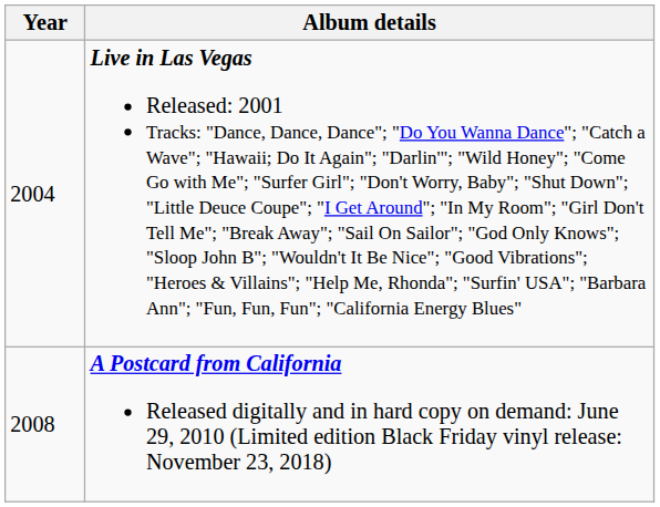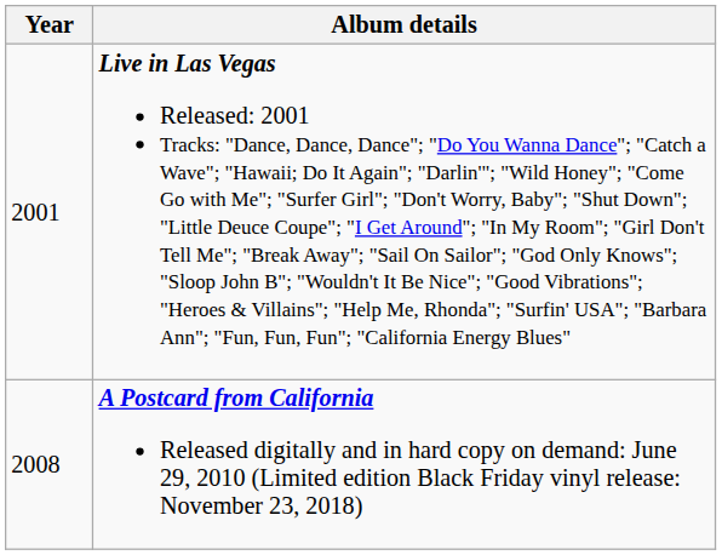 <table class="wikitable">
 <tr>
 <th style="width:50px;">Year</th>
 <th style="width:400px;">Album details</th>
 </tr>
 <tr>
-<td>2004</td>
+<td>2001</td>
 <td style="text-align:left;"><strong><em>Live in Las Vegas</em></strong><br><ul><li>Released: 2001</li><li><small>Tracks: "Dance, Dance, Dance"; "<a href='#'>Do You Wanna Dance</a>"; "Catch a Wave"; "Hawaii; Do It Again"; "Darlin'"; "Wild Honey"; "Come Go with Me"; "Surfer Girl"; "Don't Worry, Baby"; "Shut Down"; "Little Deuce Coupe"; "<a href='#'>I Get Around</a>"; "In My Room"; "Girl Don't Tell Me"; "Break Away"; "Sail On Sailor"; "God Only Knows"; "Sloop John B"; "Wouldn't It Be Nice"; "Good Vibrations"; "Heroes & Villains"; "Help Me, Rhonda"; "Surfin' USA"; "Barbara Ann"; "Fun, Fun, Fun"; "California Energy Blues"</small></li></ul></td>
 </tr>
 <tr>
 <td>2008</td>
 <td style="text-align:left;"><strong><em><a href='#'>A Postcard from California</a></em></strong><br><ul><li>Released digitally and in hard copy on demand: June 29, 2010 (Limited edition Black Friday vinyl release: November 23, 2018)</li></ul></td>
 </tr>
 </table>
